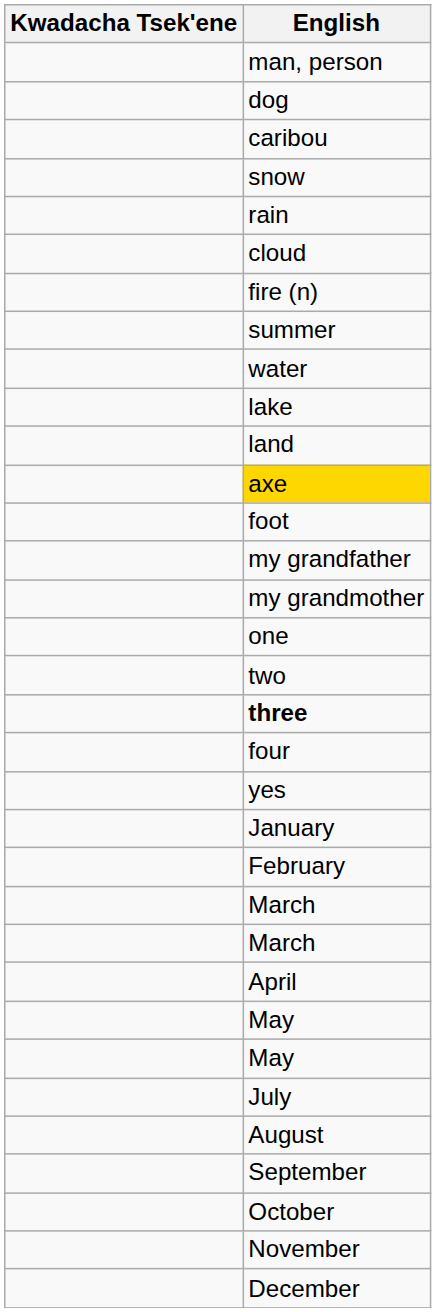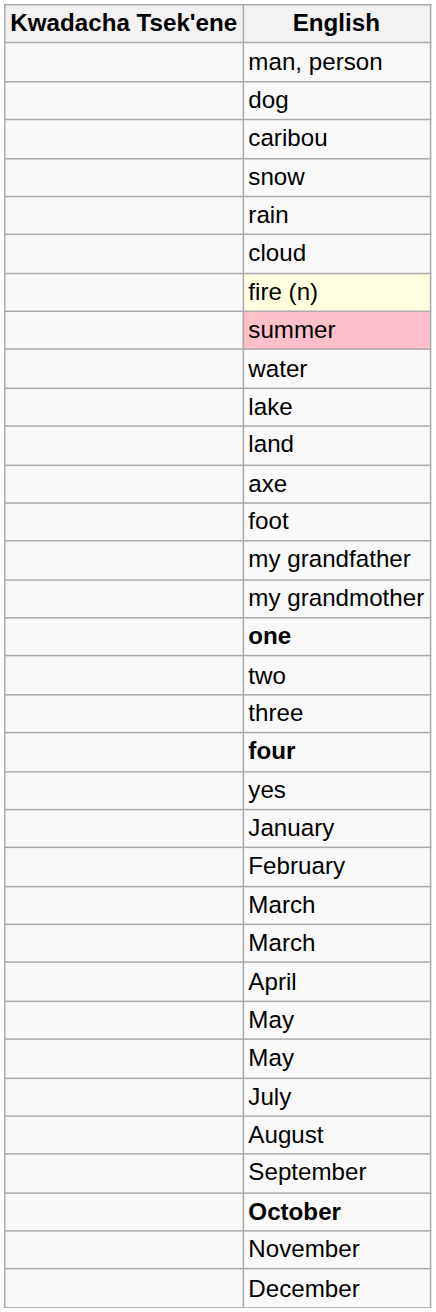 <table class="wikitable sortable">
 <tr>
 <th>Kwadacha Tsek'ene</th>
 <th>English</th>
 </tr>
 <tr>
 <td></td>
 <td>man, person</td>
 </tr>
 <tr>
 <td></td>
 <td>dog</td>
 </tr>
 <tr>
 <td></td>
 <td>caribou</td>
 </tr>
 <tr>
 <td></td>
 <td>snow</td>
 </tr>
 <tr>
 <td></td>
 <td>rain</td>
 </tr>
 <tr>
 <td></td>
 <td>cloud</td>
 </tr>
 <tr>
 <td></td>
-<td>fire (n)</td>
+<td style="background: lightyellow;">fire (n)</td>
 </tr>
 <tr>
 <td></td>
-<td>summer</td>
+<td style="background: pink;">summer</td>
 </tr>
 <tr>
 <td></td>
 <td>water</td>
 </tr>
 <tr>
 <td></td>
 <td>lake</td>
 </tr>
 <tr>
 <td></td>
 <td>land</td>
 </tr>
 <tr>
 <td></td>
-<td style="background: gold;">axe</td>
+<td>axe</td>
 </tr>
 <tr>
 <td></td>
 <td>foot</td>
 </tr>
 <tr>
 <td></td>
 <td>my grandfather</td>
 </tr>
 <tr>
 <td></td>
 <td>my grandmother</td>
 </tr>
 <tr>
 <td></td>
-<td>one</td>
+<td><strong>one</strong></td>
 </tr>
 <tr>
 <td></td>
 <td>two</td>
 </tr>
 <tr>
 <td></td>
-<td><strong>three</strong></td>
+<td>three</td>
 </tr>
 <tr>
 <td></td>
-<td>four</td>
+<td><strong>four</strong></td>
 </tr>
 <tr>
 <td></td>
 <td>yes</td>
 </tr>
 <tr>
 <td></td>
 <td>January</td>
 </tr>
 <tr>
 <td></td>
 <td>February</td>
 </tr>
 <tr>
 <td></td>
 <td>March</td>
 </tr>
 <tr>
 <td></td>
 <td>March</td>
 </tr>
 <tr>
 <td></td>
 <td>April</td>
 </tr>
 <tr>
 <td></td>
 <td>May</td>
 </tr>
 <tr>
 <td></td>
 <td>May</td>
 </tr>
 <tr>
 <td></td>
 <td>July</td>
 </tr>
 <tr>
 <td></td>
 <td>August</td>
 </tr>
 <tr>
 <td></td>
 <td>September</td>
 </tr>
 <tr>
 <td></td>
-<td>October</td>
+<td><strong>October</strong></td>
 </tr>
 <tr>
 <td></td>
 <td>November</td>
 </tr>
 <tr>
 <td></td>
 <td>December</td>
 </tr>
 </table>
